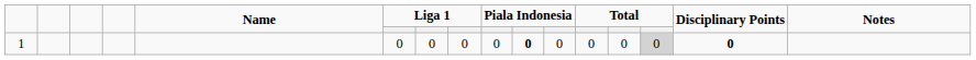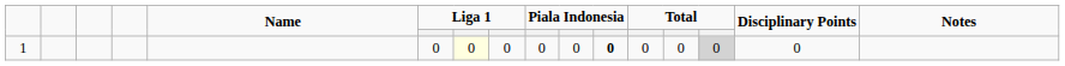 <table class="wikitable sortable" style="font-size: 95%; text-align: center;">
 <tr>
 <td rowspan="2" style="width:30px; text-align:center;"></td>
 <td rowspan="2" style="width:30px; text-align:center;"></td>
 <td rowspan="2" style="width:30px; text-align:center;"></td>
 <td rowspan="2" style="width:30px; text-align:center;"></td>
 <td rowspan="2" style="width:275px; text-align:center;"><strong>Name</strong></td>
 <td colspan="3" style="text-align:center;"><strong>Liga 1</strong></td>
 <td colspan="3" style="text-align:center;"><strong>Piala Indonesia</strong></td>
 <td colspan="3" style="text-align:center;"><strong>Total</strong></td>
 <td rowspan="2" style="text-align:center;"><strong>Disciplinary Points</strong></td>
 <td rowspan="2" style="width:200px; text-align:center;"><strong>Notes</strong></td>
 </tr>
 <tr>
 <th width=30></th>
 <th width=30></th>
 <th width=30></th>
 <th></th>
 <th></th>
 <th></th>
 <th width=30></th>
 <th width=30></th>
 <th width=30></th>
 </tr>
 <tr>
 <td>1</td>
 <td></td>
 <td></td>
 <td align=left></td>
 <td align=left></td>
 <td>0</td>
+<td style="background: lightyellow;">0</td>
 <td>0</td>
 <td>0</td>
 <td>0</td>
 <td><strong>0</strong></td>
 <td>0</td>
 <td>0</td>
+<td style="background: lightgrey;">0</td>
 <td>0</td>
-<td style="background: lightgrey;">0</td>
-<td><strong>0</strong></td>
 <td 0></td>
 </tr>
 </table>
